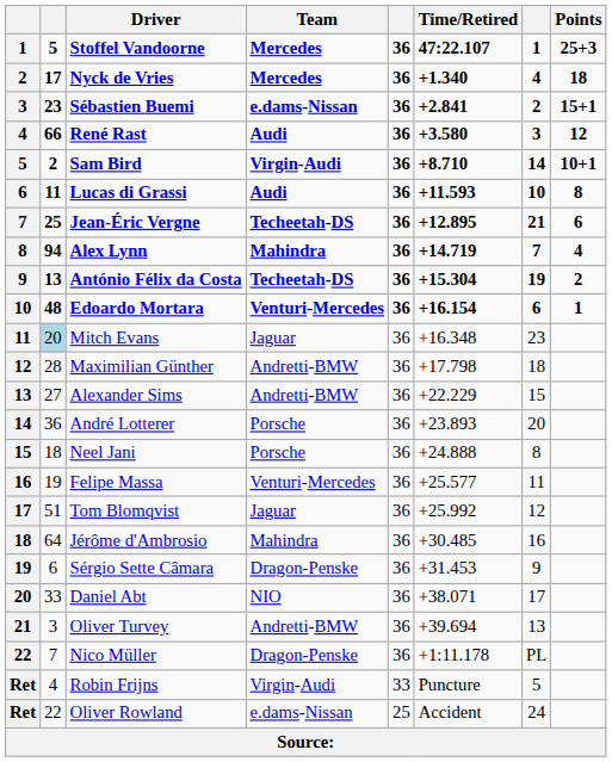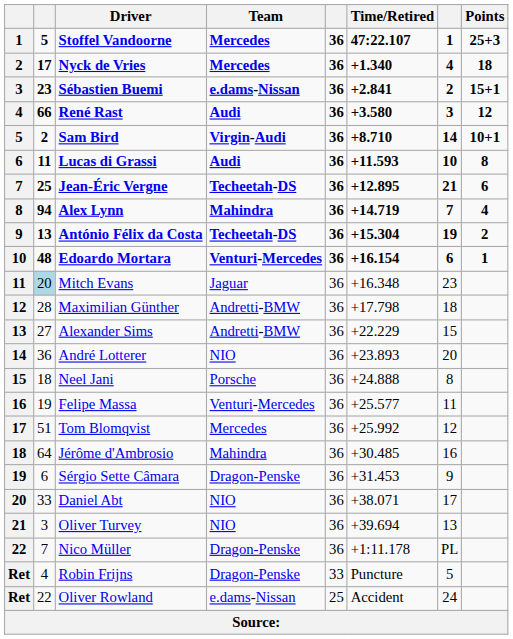 <table class="wikitable" style="font-size: 85%">
 <tr>
 <th scope="col"></th>
 <th scope="col"></th>
 <th scope="col">Driver</th>
 <th scope="col">Team</th>
 <th scope="col"></th>
 <th scope="col">Time/Retired</th>
 <th scope="col"></th>
 <th scope="col">Points</th>
 </tr>
 <tr style="font-weight:bold">
 <th scope="row">1</th>
 <td align="center">5</td>
 <td data-sort-value="VAN"> <a href='#'>Stoffel Vandoorne</a></td>
 <td><a href='#'>Mercedes</a></td>
 <td>36</td>
 <td>47:22.107</td>
 <td align="center">1</td>
 <td align="center">25+3</td>
 </tr>
 <tr style="font-weight:bold">
 <th scope="row">2</th>
 <td align="center">17</td>
 <td data-sort-value="DEV"> <a href='#'>Nyck de Vries</a></td>
 <td><a href='#'>Mercedes</a></td>
 <td>36</td>
 <td>+1.340</td>
 <td align="center">4</td>
 <td align="center">18</td>
 </tr>
 <tr style="font-weight:bold">
 <th scope="row">3</th>
 <td align="center">23</td>
 <td data-sort-value="BUE"> <a href='#'>Sébastien Buemi</a></td>
 <td><a href='#'>e.dams</a>-<a href='#'>Nissan</a></td>
 <td>36</td>
 <td>+2.841</td>
 <td align="center">2</td>
 <td align="center">15+1</td>
 </tr>
 <tr style="font-weight:bold">
 <th scope="row">4</th>
 <td align="center">66</td>
 <td data-sort-value="RAS"> <a href='#'>René Rast</a></td>
 <td><a href='#'>Audi</a></td>
 <td>36</td>
 <td>+3.580</td>
 <td align="center">3</td>
 <td align="center">12</td>
 </tr>
 <tr style="font-weight:bold">
 <th scope="row">5</th>
 <td align="center">2</td>
 <td data-sort-value="BIR"> <a href='#'>Sam Bird</a></td>
 <td><a href='#'>Virgin</a>-<a href='#'>Audi</a></td>
 <td>36</td>
 <td>+8.710</td>
 <td align="center">14</td>
 <td align="center">10+1</td>
 </tr>
 <tr style="font-weight:bold">
 <th scope="row">6</th>
 <td align="center">11</td>
 <td data-sort-value="DIG"> <a href='#'>Lucas di Grassi</a></td>
 <td><a href='#'>Audi</a></td>
 <td>36</td>
 <td>+11.593</td>
 <td align="center">10</td>
 <td align="center">8</td>
 </tr>
 <tr style="font-weight:bold">
 <th scope="row">7</th>
 <td align="center">25</td>
 <td data-sort-value="VER"> <a href='#'>Jean-Éric Vergne</a></td>
 <td><a href='#'>Techeetah</a>-<a href='#'>DS</a></td>
 <td>36</td>
 <td>+12.895</td>
 <td align="center">21</td>
 <td align="center">6</td>
 </tr>
 <tr style="font-weight:bold">
 <th scope="row">8</th>
 <td align="center">94</td>
 <td data-sort-value="LYN"> <a href='#'>Alex Lynn</a></td>
 <td><a href='#'>Mahindra</a></td>
 <td>36</td>
 <td>+14.719</td>
 <td align="center">7</td>
 <td align="center">4</td>
 </tr>
 <tr style="font-weight:bold">
 <th scope="row">9</th>
 <td align="center">13</td>
 <td data-sort-value="COS"> <a href='#'>António Félix da Costa</a></td>
 <td><a href='#'>Techeetah</a>-<a href='#'>DS</a></td>
 <td>36</td>
 <td>+15.304</td>
 <td align="center">19</td>
 <td align="center">2</td>
 </tr>
 <tr style="font-weight:bold">
 <th scope="row">10</th>
 <td align="center">48</td>
 <td data-sort-value="MOR"> <a href='#'>Edoardo Mortara</a></td>
 <td><a href='#'>Venturi</a>-<a href='#'>Mercedes</a></td>
 <td>36</td>
 <td>+16.154</td>
 <td align="center">6</td>
 <td align="center">1</td>
 </tr>
 <tr>
 <th scope="row">11</th>
 <td align="center" style="background: lightblue;">20</td>
 <td data-sort-value="EVA"> <a href='#'>Mitch Evans</a></td>
 <td><a href='#'>Jaguar</a></td>
 <td>36</td>
 <td>+16.348</td>
 <td align="center">23</td>
 <td></td>
 </tr>
 <tr>
 <th scope="row">12</th>
 <td align="center">28</td>
 <td data-sort-value="GUN"> <a href='#'>Maximilian Günther</a></td>
 <td><a href='#'>Andretti</a>-<a href='#'>BMW</a></td>
 <td>36</td>
 <td>+17.798</td>
 <td align="center">18</td>
 <td></td>
 </tr>
 <tr>
 <th scope="row">13</th>
 <td align="center">27</td>
 <td data-sort-value="SIM"> <a href='#'>Alexander Sims</a></td>
 <td><a href='#'>Andretti</a>-<a href='#'>BMW</a></td>
 <td>36</td>
 <td>+22.229</td>
 <td align="center">15</td>
 <td></td>
 </tr>
 <tr>
 <th scope="row">14</th>
 <td align="center">36</td>
 <td data-sort-value="LOT"> <a href='#'>André Lotterer</a></td>
-<td><a href='#'>Porsche</a></td>
+<td><a href='#'>NIO</a></td>
 <td>36</td>
 <td>+23.893</td>
 <td align="center">20</td>
 <td></td>
 </tr>
 <tr>
 <th scope="row">15</th>
 <td align="center">18</td>
 <td data-sort-value="JAN"> <a href='#'>Neel Jani</a></td>
 <td><a href='#'>Porsche</a></td>
 <td>36</td>
 <td>+24.888</td>
 <td align="center">8</td>
 <td></td>
 </tr>
 <tr>
 <th scope="row">16</th>
 <td align="center">19</td>
 <td data-sort-value="MAS"> <a href='#'>Felipe Massa</a></td>
 <td><a href='#'>Venturi</a>-<a href='#'>Mercedes</a></td>
 <td>36</td>
 <td>+25.577</td>
 <td align="center">11</td>
 <td></td>
 </tr>
 <tr>
 <th scope="row">17</th>
 <td align="center">51</td>
 <td data-sort-value="CAL"> <a href='#'>Tom Blomqvist</a></td>
-<td><a href='#'>Jaguar</a></td>
+<td><a href='#'>Mercedes</a></td>
 <td>36</td>
 <td>+25.992</td>
 <td align="center">12</td>
 <td></td>
 </tr>
 <tr>
 <th scope="row">18</th>
 <td align="center">64</td>
 <td data-sort-value="DAM"> <a href='#'>Jérôme d'Ambrosio</a></td>
 <td><a href='#'>Mahindra</a></td>
 <td>36</td>
 <td>+30.485</td>
 <td align="center">16</td>
 <td></td>
 </tr>
 <tr>
 <th scope="row">19</th>
 <td align="center">6</td>
 <td data-sort-value="SET"> <a href='#'>Sérgio Sette Câmara</a></td>
 <td><a href='#'>Dragon-Penske</a></td>
 <td>36</td>
 <td>+31.453</td>
 <td align="center">9</td>
 <td></td>
 </tr>
 <tr>
 <th scope="row">20</th>
 <td align="center">33</td>
 <td data-sort-value="ABT"> <a href='#'>Daniel Abt</a></td>
 <td><a href='#'>NIO</a></td>
 <td>36</td>
 <td>+38.071</td>
 <td align="center">17</td>
 <td></td>
 </tr>
 <tr>
 <th scope="row">21</th>
 <td align="center">3</td>
 <td data-sort-value="TUR"> <a href='#'>Oliver Turvey</a></td>
-<td><a href='#'>Andretti</a>-<a href='#'>BMW</a></td>
+<td><a href='#'>NIO</a></td>
 <td>36</td>
 <td>+39.694</td>
 <td align="center">13</td>
 <td></td>
 </tr>
 <tr>
 <th scope="row">22</th>
 <td align="center">7</td>
 <td data-sort-value="MUL"> <a href='#'>Nico Müller</a></td>
 <td><a href='#'>Dragon-Penske</a></td>
 <td>36</td>
 <td>+1:11.178</td>
 <td align="center">PL</td>
 <td></td>
 </tr>
 <tr>
 <th scope="row">Ret</th>
 <td align="center">4</td>
 <td data-sort-value="FRI"> <a href='#'>Robin Frijns</a></td>
-<td><a href='#'>Virgin</a>-<a href='#'>Audi</a></td>
+<td><a href='#'>Dragon-Penske</a></td>
 <td>33</td>
 <td>Puncture</td>
 <td align="center">5</td>
 <td></td>
 </tr>
 <tr>
 <th scope="row">Ret</th>
 <td align="center">22</td>
 <td data-sort-value="ROW"> <a href='#'>Oliver Rowland</a></td>
 <td><a href='#'>e.dams</a>-<a href='#'>Nissan</a></td>
 <td>25</td>
 <td>Accident</td>
 <td align="center">24</td>
 <td></td>
 </tr>
 <tr>
 <th colspan=8>Source:</th>
 </tr>
 </table>
